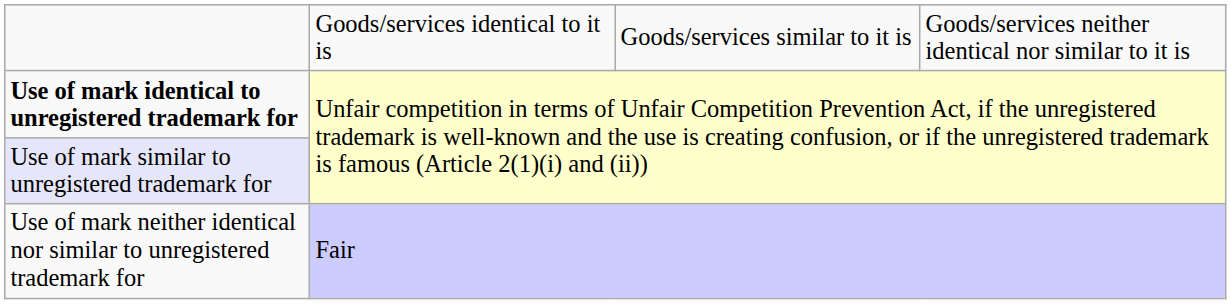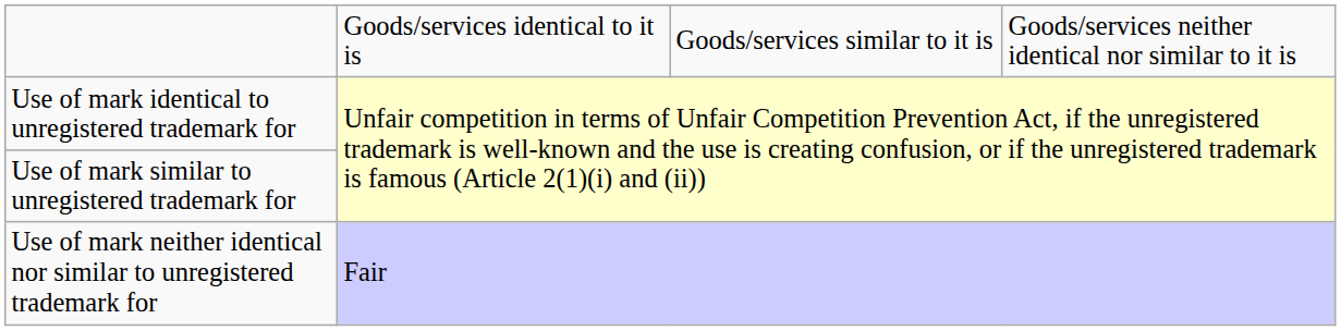 <table class="wikitable">
 <tr>
 <td style='width: 12em'></td>
 <td style='width: 12em'>Goods/services identical to it is</td>
 <td style='width: 12em'>Goods/services similar to it is</td>
 <td style='width: 12em'>Goods/services neither identical nor similar to it is</td>
 </tr>
 <tr>
-<td><strong>Use of mark identical to unregistered trademark for</strong></td>
+<td>Use of mark identical to unregistered trademark for</td>
 <td colspan='3' rowspan='2' style='background: #ffffcc'>Unfair competition in terms of Unfair Competition Prevention Act, if the unregistered trademark is well-known and the use is creating confusion, or if the unregistered trademark is famous (Article 2(1)(i) and (ii))</td>
 </tr>
 <tr>
-<td style="background: lavender;">Use of mark similar to unregistered trademark for</td>
+<td>Use of mark similar to unregistered trademark for</td>
 </tr>
 <tr>
 <td>Use of mark neither identical nor similar to unregistered trademark for</td>
 <td colspan='3' style='background: #ccccff'>Fair</td>
 </tr>
 </table>
